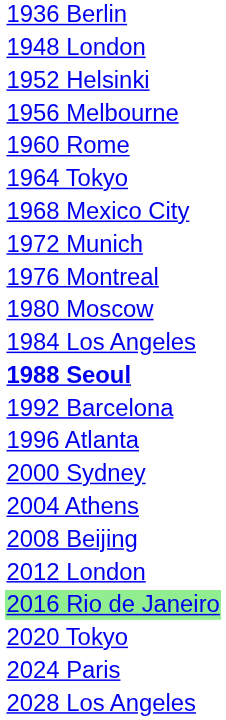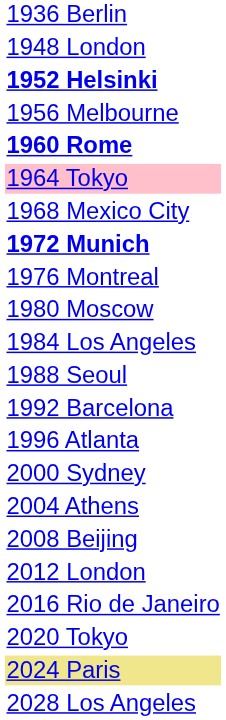 <table>
 <tr>
 <td><a href='#'>1936 Berlin</a><br></td>
 <td></td>
 <td></td>
 <td></td>
 </tr>
 <tr>
 <td><a href='#'>1948 London</a><br></td>
 <td></td>
 <td></td>
 <td></td>
 </tr>
 <tr>
-<td><a href='#'>1952 Helsinki</a><br></td>
+<td><strong><a href='#'>1952 Helsinki</a><br></strong></td>
 <td></td>
 <td></td>
 <td></td>
 </tr>
 <tr>
 <td><a href='#'>1956 Melbourne</a><br></td>
 <td></td>
 <td></td>
 <td></td>
 </tr>
 <tr>
-<td><a href='#'>1960 Rome</a><br></td>
+<td><strong><a href='#'>1960 Rome</a><br></strong></td>
 <td></td>
 <td></td>
 <td></td>
 </tr>
 <tr>
-<td><a href='#'>1964 Tokyo</a><br></td>
+<td style="background: pink;"><a href='#'>1964 Tokyo</a><br></td>
 <td></td>
 <td></td>
 <td></td>
 </tr>
 <tr>
 <td><a href='#'>1968 Mexico City</a><br></td>
 <td></td>
 <td></td>
 <td></td>
 </tr>
 <tr>
-<td><a href='#'>1972 Munich</a><br></td>
+<td><strong><a href='#'>1972 Munich</a><br></strong></td>
 <td></td>
 <td></td>
 <td></td>
 </tr>
 <tr>
 <td><a href='#'>1976 Montreal</a><br></td>
 <td></td>
 <td></td>
 <td></td>
 </tr>
 <tr>
 <td><a href='#'>1980 Moscow</a><br></td>
 <td></td>
 <td></td>
 <td></td>
 </tr>
 <tr>
 <td><a href='#'>1984 Los Angeles</a><br></td>
 <td></td>
 <td></td>
 <td></td>
 </tr>
 <tr>
-<td><strong><a href='#'>1988 Seoul</a><br></strong></td>
+<td><a href='#'>1988 Seoul</a><br></td>
 <td></td>
 <td></td>
 <td></td>
 </tr>
 <tr>
 <td><a href='#'>1992 Barcelona</a><br></td>
 <td></td>
 <td></td>
 <td></td>
 </tr>
 <tr>
 <td><a href='#'>1996 Atlanta</a><br></td>
 <td></td>
 <td></td>
 <td></td>
 </tr>
 <tr>
 <td><a href='#'>2000 Sydney</a><br></td>
 <td></td>
 <td></td>
 <td></td>
 </tr>
 <tr>
 <td><a href='#'>2004 Athens</a><br></td>
 <td></td>
 <td></td>
 <td></td>
 </tr>
 <tr>
 <td><a href='#'>2008 Beijing</a><br></td>
 <td></td>
 <td></td>
 <td></td>
 </tr>
 <tr>
 <td><a href='#'>2012 London</a><br></td>
 <td></td>
 <td></td>
 <td></td>
 </tr>
 <tr>
-<td style="background: lightgreen;"><a href='#'>2016 Rio de Janeiro</a><br></td>
+<td><a href='#'>2016 Rio de Janeiro</a><br></td>
 <td></td>
 <td></td>
 <td></td>
 </tr>
 <tr>
 <td><a href='#'>2020 Tokyo</a><br></td>
 <td></td>
 <td></td>
 <td></td>
 </tr>
 <tr>
-<td><a href='#'>2024 Paris</a> <br></td>
+<td style="background: khaki;"><a href='#'>2024 Paris</a> <br></td>
 <td></td>
 <td></td>
 <td></td>
 </tr>
 <tr>
 <td><a href='#'>2028 Los Angeles</a> <br></td>
 <td></td>
 <td></td>
 <td></td>
 </tr>
 </table>
